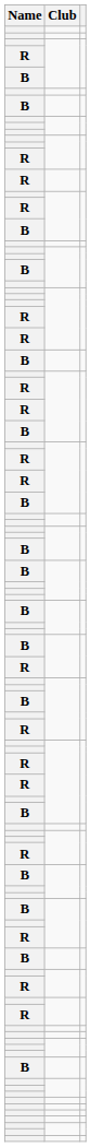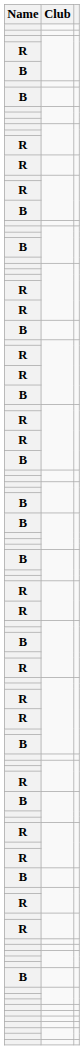 <table class="wikitable sortable plainrowheaders" style="text-align:center;">
 <tr>
 <th scope="col">Name</th>
 <th scope="col">Club</th>
 <th class="unsortable"></th>
 </tr>
 <tr>
 <th scope="row"></th>
 <td></td>
 <td></td>
 </tr>
 <tr>
 <th scope="row"></th>
 <td></td>
 <td></td>
 </tr>
 <tr>
 <th scope="row"></th>
 <td rowspan=3></td>
 <td rowspan=3></td>
 </tr>
 <tr>
 <th scope="row"> <span><strong>R</strong></span></th>
 </tr>
 <tr>
 <th scope="row"> <span><strong>B</strong></span></th>
 </tr>
 <tr>
 <th scope="row"></th>
 <td></td>
 <td></td>
 </tr>
 <tr>
 <th scope="row"> <span><strong>B</strong></span></th>
 <td></td>
 <td></td>
 </tr>
 <tr>
 <th scope="row"></th>
 <td rowspan=3></td>
 <td rowspan=3></td>
 </tr>
 <tr>
 <th scope="row"></th>
 </tr>
 <tr>
 <th scope="row"> </th>
 </tr>
 <tr>
 <th scope="row"></th>
 <td rowspan=3></td>
 <td rowspan=3></td>
 </tr>
 <tr>
 <th scope="row"></th>
 </tr>
 <tr>
 <th scope="row"> <span><strong>R</strong></span></th>
 </tr>
 <tr>
 <th scope="row"> <span><strong>R</strong></span></th>
 <td></td>
 <td></td>
 </tr>
 <tr>
 <th scope="row"></th>
 <td rowspan=3></td>
 <td rowspan=3></td>
 </tr>
 <tr>
 <th scope="row"> <span><strong>R</strong></span></th>
 </tr>
 <tr>
 <th scope="row"> <span><strong>B</strong></span></th>
 </tr>
 <tr>
 <th scope="row"></th>
 <td></td>
 <td></td>
 </tr>
 <tr>
 <th scope="row"></th>
 <td rowspan=4></td>
 <td rowspan=4></td>
 </tr>
 <tr>
 <th scope="row"></th>
 </tr>
 <tr>
 <th scope="row"> <span><strong>B</strong></span></th>
 </tr>
 <tr>
 <th scope="row"></th>
 </tr>
 <tr>
 <th scope="row"></th>
 <td rowspan=5></td>
 <td rowspan=5></td>
 </tr>
 <tr>
 <th scope="row"></th>
 </tr>
 <tr>
 <th scope="row"></th>
 </tr>
 <tr>
 <th scope="row"> <span><strong>R</strong></span></th>
 </tr>
 <tr>
 <th scope="row"> <span><strong>R</strong></span></th>
 </tr>
 <tr>
 <th scope="row"> <span><strong>B</strong></span></th>
 <td></td>
 <td></td>
 </tr>
 <tr>
 <th scope="row"></th>
 <td rowspan=4></td>
 <td rowspan=4></td>
 </tr>
 <tr>
 <th scope="row"> <span><strong>R</strong></span></th>
 </tr>
 <tr>
 <th scope="row"> <span><strong>R</strong></span></th>
 </tr>
 <tr>
 <th scope="row"> <span><strong>B</strong></span></th>
 </tr>
 <tr>
 <th scope="row"></th>
 <td rowspan=4></td>
 <td rowspan=4></td>
 </tr>
 <tr>
 <th scope="row"> <span><strong>R</strong></span></th>
 </tr>
 <tr>
 <th scope="row"> <span><strong>R</strong></span></th>
 </tr>
 <tr>
 <th scope="row"> <span><strong>B</strong></span></th>
 </tr>
 <tr>
 <th scope="row"></th>
 <td rowspan=2></td>
 <td rowspan=2></td>
 </tr>
 <tr>
 <th scope="row"></th>
 </tr>
 <tr>
 <th scope="row"></th>
 <td rowspan=3></td>
 <td rowspan=3></td>
 </tr>
 <tr>
 <th scope="row"></th>
 </tr>
 <tr>
 <th scope="row"> <span><strong>B</strong></span></th>
 </tr>
 <tr>
 <th scope="row"> <span><strong>B</strong></span></th>
 <td rowspan=4></td>
 <td rowspan=4></td>
 </tr>
 <tr>
 <th scope="row"></th>
 </tr>
 <tr>
 <th scope="row"></th>
 </tr>
 <tr>
 <th scope="row"></th>
 </tr>
 <tr>
 <th scope="row"> <span><strong>B</strong></span></th>
 <td rowspan=3></td>
 <td rowspan=3></td>
 </tr>
 <tr>
 <th scope="row"></th>
 </tr>
 <tr>
 <th scope="row"></th>
 </tr>
 <tr>
-<th scope="row"> <span><strong>B</strong></span></th>
+<th scope="row"> <span><strong>R</strong></span></th>
 <td rowspan=2></td>
 <td rowspan=2></td>
 </tr>
 <tr>
 <th scope="row"> <span><strong>R</strong></span></th>
 </tr>
 <tr>
 <th scope="row"></th>
 <td rowspan=5></td>
 <td rowspan=5></td>
 </tr>
 <tr>
 <th scope="row"></th>
 </tr>
 <tr>
 <th scope="row"> <span><strong>B</strong></span></th>
 </tr>
 <tr>
 <th scope="row"></th>
 </tr>
 <tr>
 <th scope="row"> <span><strong>R</strong></span></th>
 </tr>
 <tr>
 <th scope="row"></th>
 <td rowspan=6></td>
 <td rowspan=6></td>
 </tr>
 <tr>
 <th scope="row"></th>
 </tr>
 <tr>
 <th scope="row"> <span><strong>R</strong></span></th>
 </tr>
 <tr>
 <th scope="row"> <span><strong>R</strong></span></th>
 </tr>
 <tr>
 <th scope="row"></th>
 </tr>
 <tr>
 <th scope="row"> <span><strong>B</strong></span></th>
 </tr>
 <tr>
 <th scope="row"></th>
 <td></td>
 <td></td>
 </tr>
 <tr>
 <th scope="row"></th>
 <td rowspan=3></td>
 <td rowspan=3></td>
 </tr>
 <tr>
 <th scope="row"></th>
 </tr>
 <tr>
 <th scope="row"> <span><strong>R</strong></span></th>
 </tr>
 <tr>
 <th scope="row"> <span><strong>B</strong></span></th>
 <td rowspan=3></td>
 <td rowspan=3></td>
 </tr>
 <tr>
 <th scope="row"></th>
 </tr>
 <tr>
 <th scope="row"></th>
 </tr>
 <tr>
-<th scope="row"> <span><strong>B</strong></span></th>
+<th scope="row"> <span><strong>R</strong></span></th>
 <td rowspan=3></td>
 <td rowspan=3></td>
 </tr>
 <tr>
 <th scope="row"></th>
 </tr>
 <tr>
 <th scope="row"> <span><strong>R</strong></span></th>
 </tr>
 <tr>
 <th scope="row"> <span><strong>B</strong></span></th>
 <td></td>
 <td></td>
 </tr>
 <tr>
 <th scope="row"></th>
 <td rowspan=2></td>
 <td rowspan=2></td>
 </tr>
 <tr>
 <th scope="row"> <span><strong>R</strong></span></th>
 </tr>
 <tr>
 <th scope="row"></th>
 <td rowspan=2></td>
 <td rowspan=2></td>
 </tr>
 <tr>
 <th scope="row"> <span><strong>R</strong></span></th>
 </tr>
 <tr>
 <th scope="row"></th>
 <td></td>
 <td></td>
 </tr>
 <tr>
 <th scope="row"></th>
 <td></td>
 <td></td>
 </tr>
 <tr>
 <th scope="row"></th>
 <td rowspan=3></td>
 <td rowspan=3></td>
 </tr>
 <tr>
 <th scope="row"></th>
 </tr>
 <tr>
 <th scope="row"></th>
 </tr>
 <tr>
 <th scope="row"> <span><strong>B</strong></span></th>
 <td></td>
 <td></td>
 </tr>
 <tr>
 <th scope="row"></th>
 <td rowspan=3></td>
 <td rowspan=3></td>
 </tr>
 <tr>
 <th scope="row"></th>
 </tr>
 <tr>
 <th scope="row"></th>
 </tr>
 <tr>
 <th scope="row"></th>
 <td></td>
 <td></td>
 </tr>
 <tr>
 <th scope="row"></th>
 <td></td>
 <td></td>
 </tr>
 <tr>
 <th scope="row"></th>
 <td></td>
 <td></td>
 </tr>
 <tr>
 <th scope="row"></th>
 <td></td>
 <td></td>
 </tr>
 <tr>
 <th scope="row"></th>
 <td rowspan=2></td>
 <td rowspan=2></td>
 </tr>
 <tr>
 <th scope="row"></th>
 </tr>
 <tr>
 <th scope="row"></th>
 <td></td>
 <td></td>
 </tr>
 </table>
